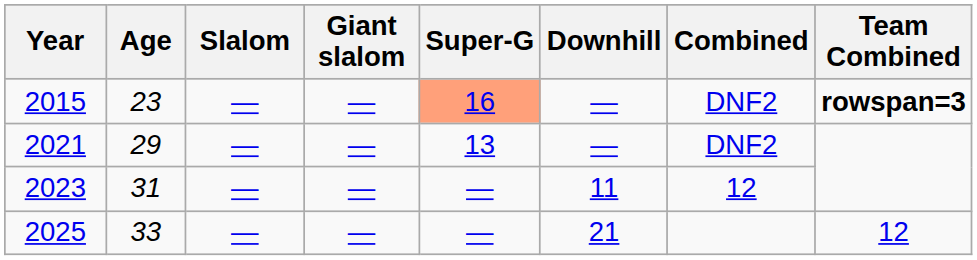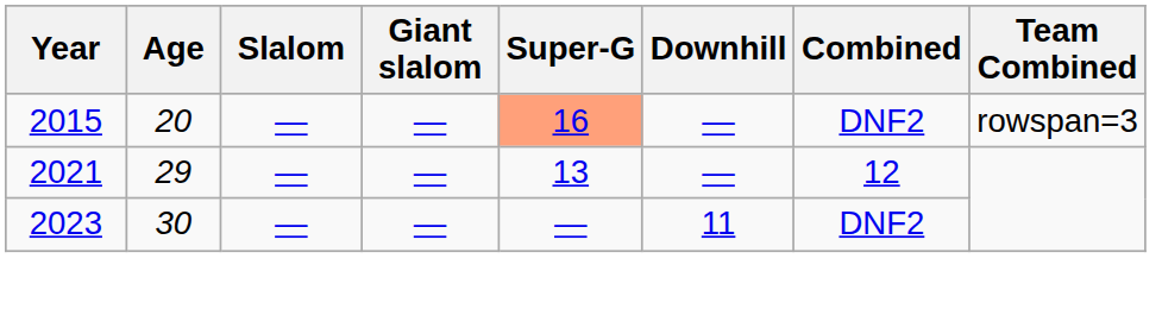 <table class=wikitable style="text-align:center">
 <tr>
 <th>  Year  </th>
 <th> Age </th>
 <th> Slalom </th>
 <th> Giant <br> slalom </th>
 <th>Super-G</th>
 <th>Downhill</th>
 <th>Combined</th>
 <th>Team<br>Combined</th>
 </tr>
 <tr>
 <td><a href='#'>2015</a></td>
-<td><em>23</em></td>
+<td><em>20</em></td>
 <td><a href='#'>—</a></td>
 <td><a href='#'>—</a></td>
 <td style="background: lightsalmon;"><a href='#'>16</a></td>
 <td><a href='#'>—</a></td>
 <td><a href='#'>DNF2</a></td>
-<td><strong>rowspan=3</strong></td>
+<td>rowspan=3</td>
 </tr>
 <tr>
 <td><a href='#'>2021</a></td>
 <td><em>29</em></td>
 <td><a href='#'>—</a></td>
 <td><a href='#'>—</a></td>
 <td><a href='#'>13</a></td>
 <td><a href='#'>—</a></td>
-<td><a href='#'>DNF2</a></td>
+<td><a href='#'>12</a></td>
 </tr>
 <tr>
 <td><a href='#'>2023</a></td>
-<td><em>31</em></td>
+<td><em>30</em></td>
 <td><a href='#'>—</a></td>
 <td><a href='#'>—</a></td>
 <td><a href='#'>—</a></td>
 <td><a href='#'>11</a></td>
-<td><a href='#'>12</a></td>
-</tr>
-<tr>
-<td><a href='#'>2025</a></td>
-<td><em>33</em></td>
-<td><a href='#'>—</a></td>
-<td><a href='#'>—</a></td>
-<td><a href='#'>—</a></td>
-<td><a href='#'>21</a></td>
-<td></td>
-<td><a href='#'>12</a></td>
+<td><a href='#'>DNF2</a></td>
 </tr>
 </table>
